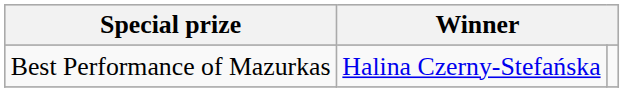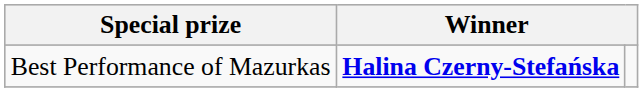 <table class="wikitable">
 <tr>
 <th>Special prize</th>
 <th colspan="2">Winner</th>
 </tr>
 <tr>
 <td>Best Performance of Mazurkas</td>
-<td><a href='#'>Halina Czerny-Stefańska</a></td>
+<td><strong><a href='#'>Halina Czerny-Stefańska</a></strong></td>
 <td></td>
 </tr>
 </table>
